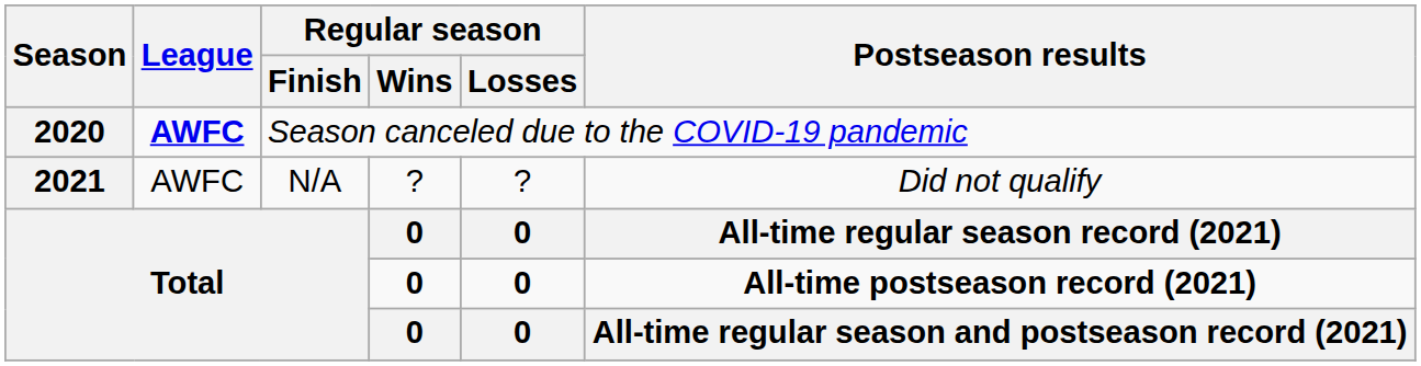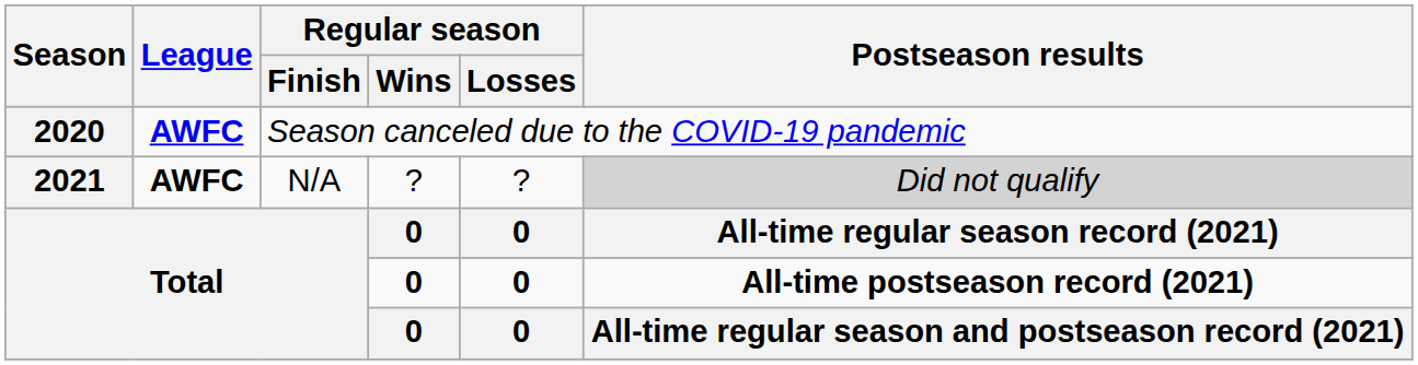 <table class="wikitable" style="text-align:center">
 <tr>
 <th rowspan="2">Season</th>
 <th rowspan="2"><a href='#'>League</a></th>
 <th colspan="3">Regular season</th>
 <th rowspan="2">Postseason results</th>
 </tr>
 <tr>
 <th>Finish</th>
 <th>Wins</th>
 <th>Losses</th>
 </tr>
 <tr>
 <th>2020</th>
 <td><strong><a href='#'>AWFC</a></strong></td>
 <td colspan=4; align=left><em>Season canceled due to the <a href='#'>COVID-19 pandemic</a></em></td>
 </tr>
 <tr>
 <th>2021</th>
-<td>AWFC</td>
+<td><strong>AWFC</strong></td>
 <td>N/A</td>
 <td>?</td>
 <td>?</td>
-<td><em>Did not qualify</em></td>
+<td style="background: lightgrey;"><em>Did not qualify</em></td>
 </tr>
 <tr>
 <th rowspan="3" colspan="3">Total</th>
 <th>0</th>
 <th>0</th>
 <th>All-time regular season record (2021)</th>
 </tr>
 <tr>
 <td><strong>0</strong></td>
 <td><strong>0</strong></td>
 <td><strong>All-time postseason record (2021)</strong></td>
 </tr>
 <tr>
 <th>0</th>
 <th>0</th>
 <th>All-time regular season and postseason record (2021)</th>
 </tr>
 </table>
